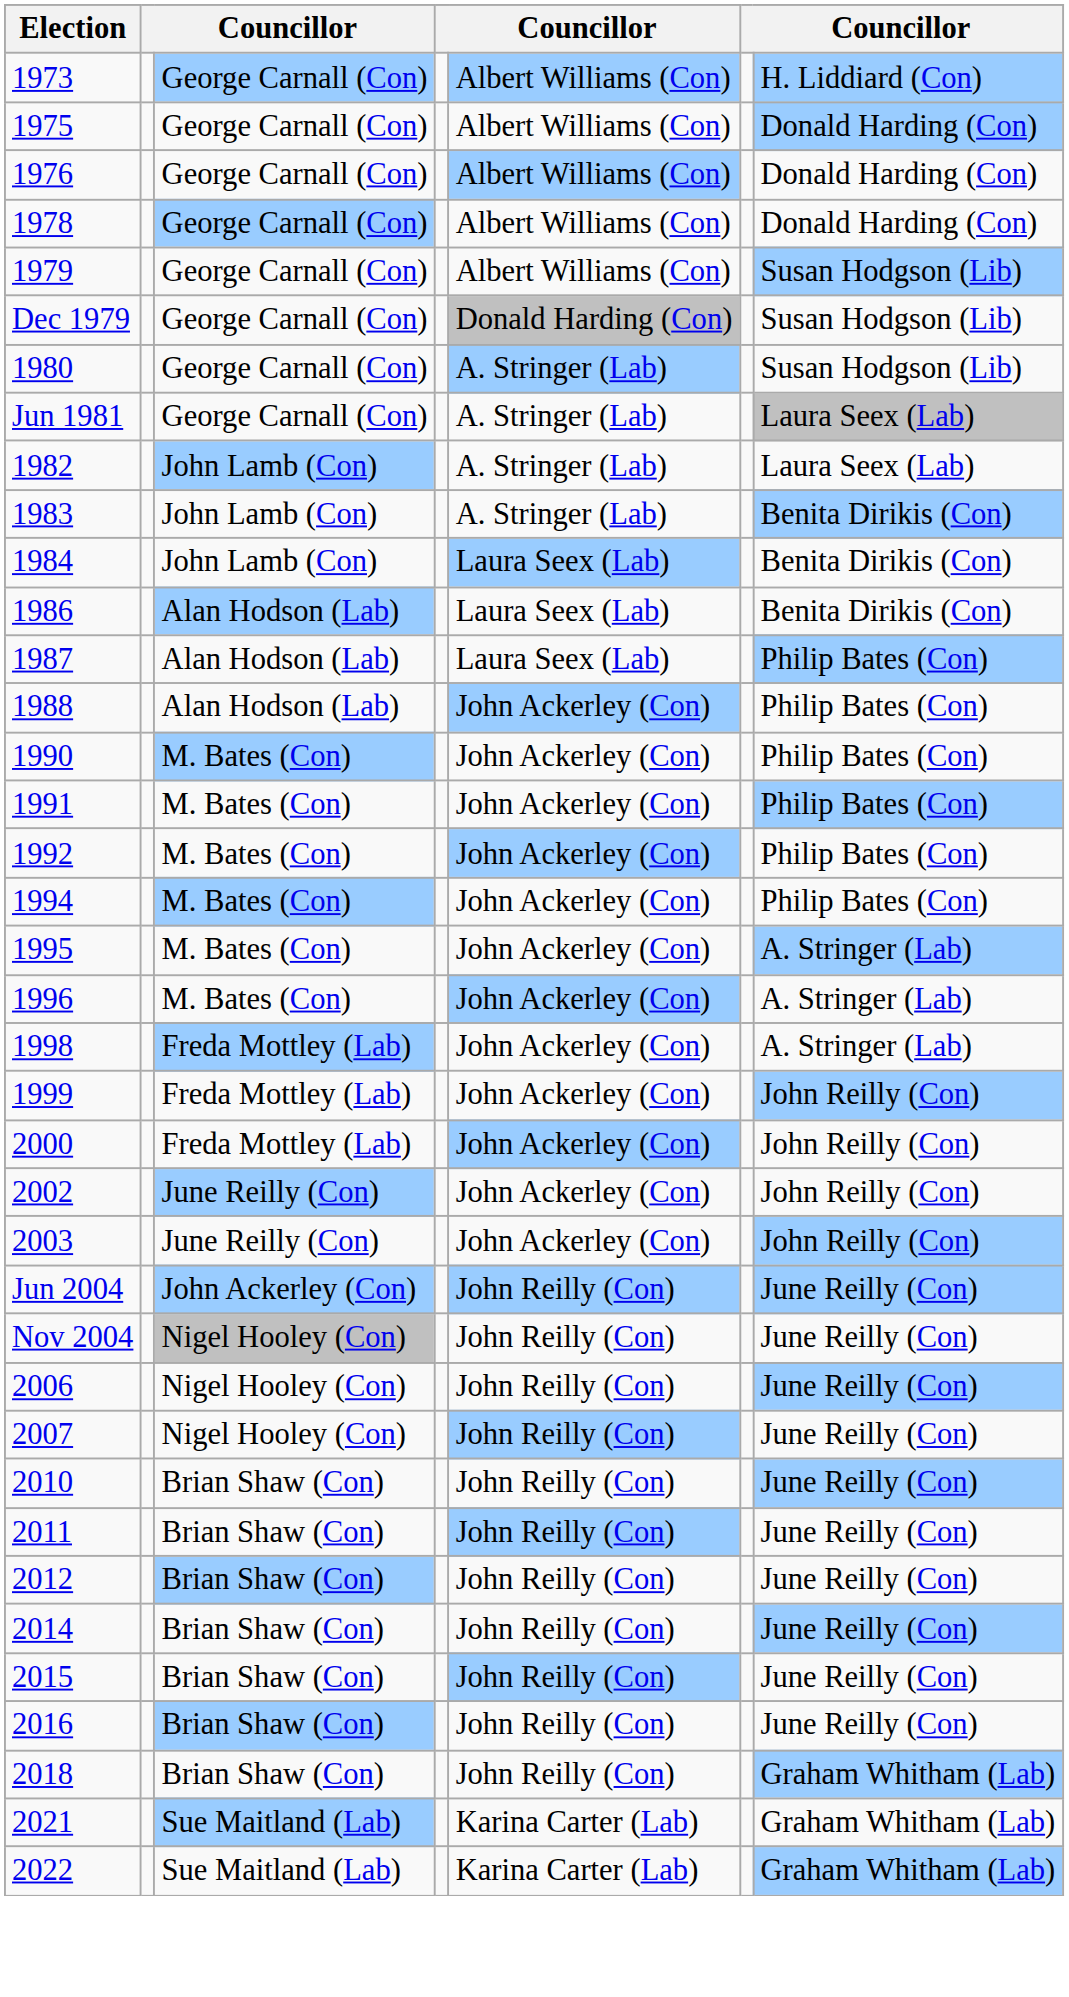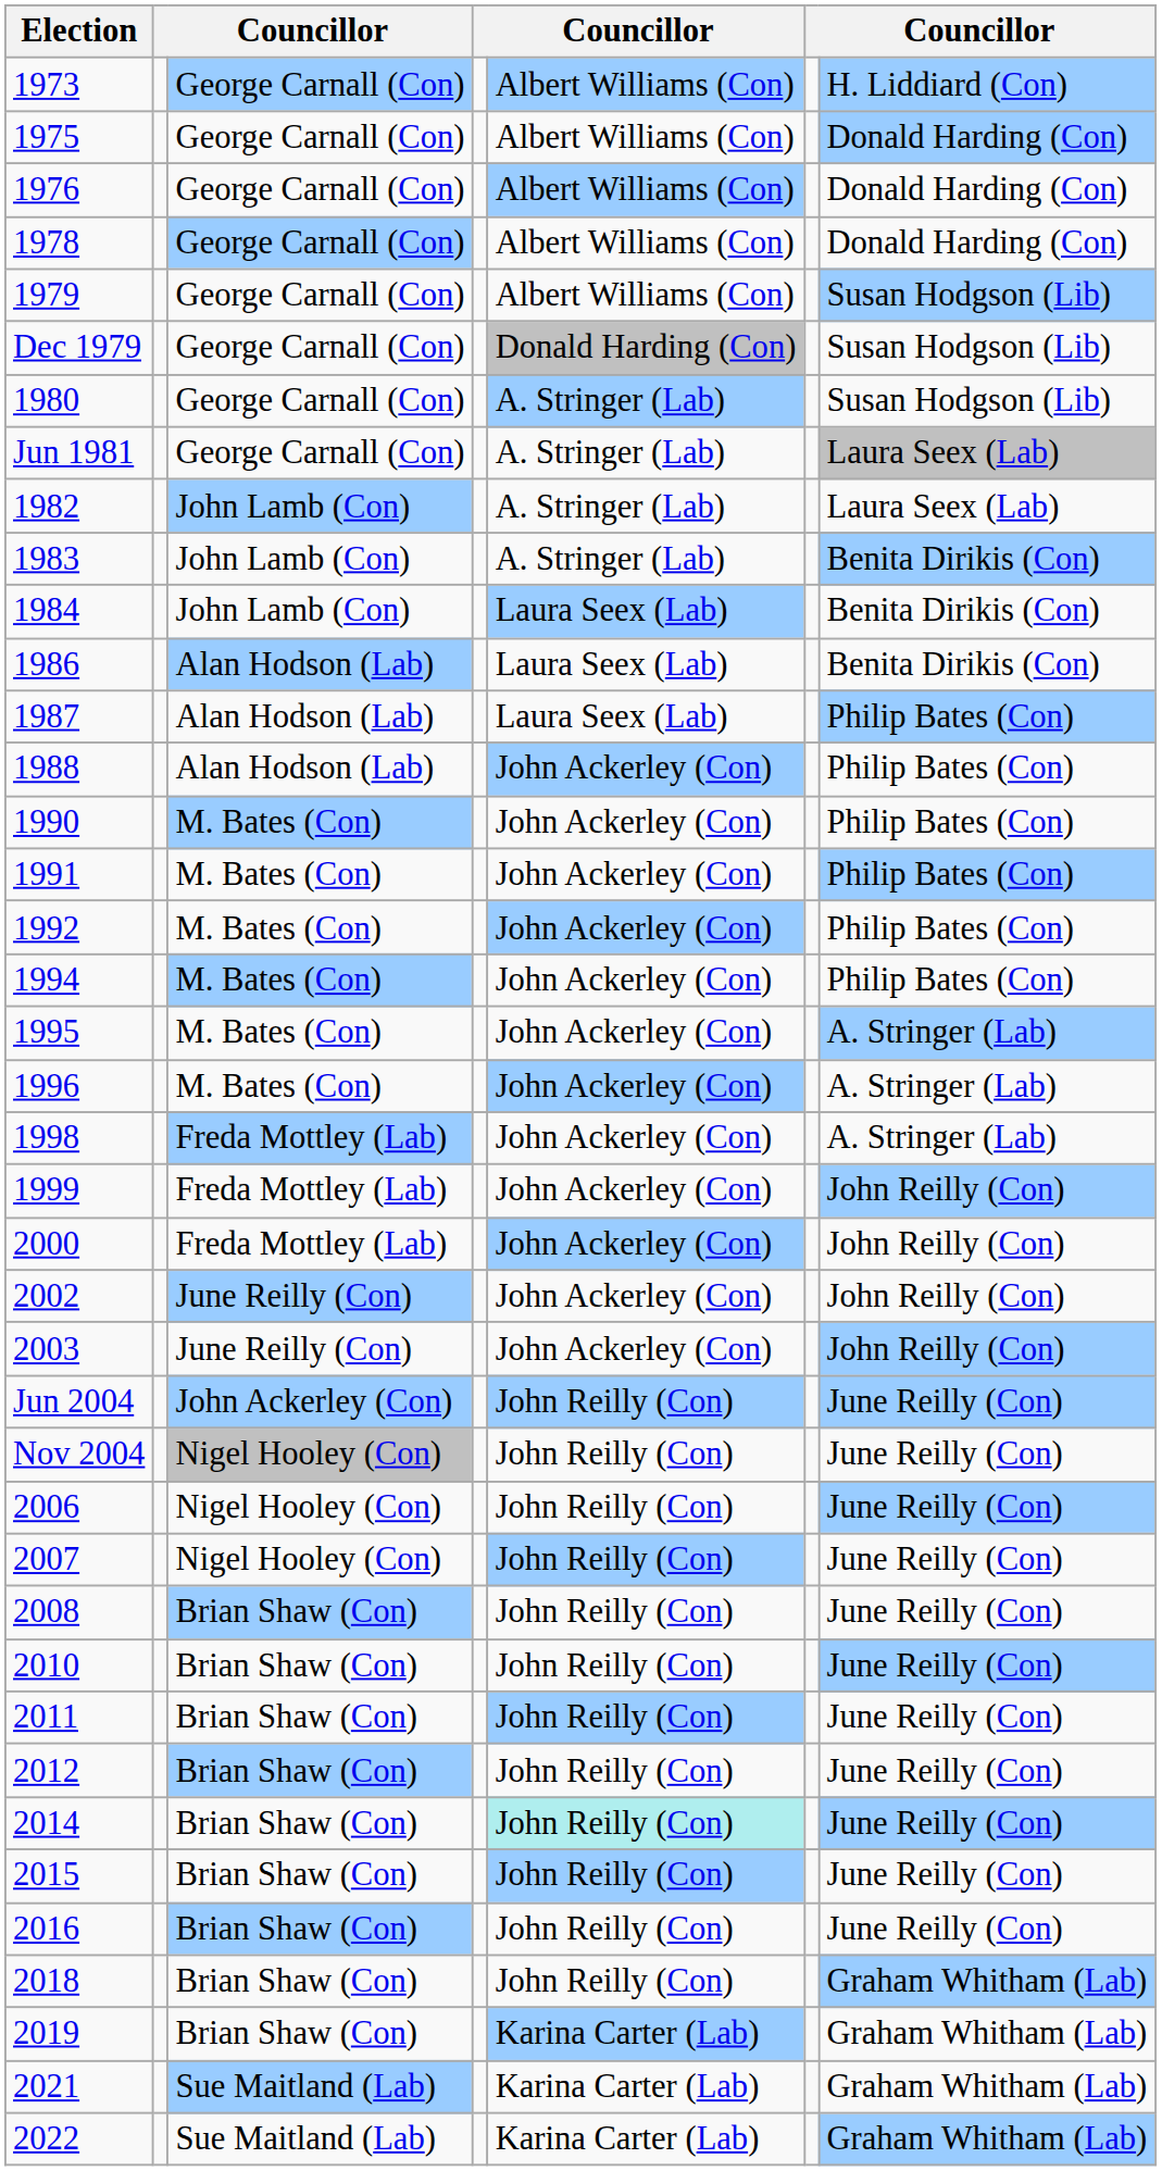 <table class="wikitable">
 <tr>
 <th>Election</th>
 <th colspan="2">Councillor</th>
 <th colspan="2">Councillor</th>
 <th colspan="2">Councillor</th>
 </tr>
 <tr>
 <td><a href='#'>1973</a></td>
 <td style="background-color: "></td>
 <td bgcolor="#99CCFF">George Carnall (<a href='#'>Con</a>)</td>
 <td style="background-color: "></td>
 <td bgcolor="#99CCFF">Albert Williams (<a href='#'>Con</a>)</td>
 <td style="background-color: "></td>
 <td bgcolor="#99CCFF">H. Liddiard (<a href='#'>Con</a>)</td>
 </tr>
 <tr>
 <td><a href='#'>1975</a></td>
 <td style="background-color: "></td>
 <td>George Carnall (<a href='#'>Con</a>)</td>
 <td style="background-color: "></td>
 <td>Albert Williams (<a href='#'>Con</a>)</td>
 <td style="background-color: "></td>
 <td bgcolor="#99CCFF">Donald Harding (<a href='#'>Con</a>)</td>
 </tr>
 <tr>
 <td><a href='#'>1976</a></td>
 <td style="background-color: "></td>
 <td>George Carnall (<a href='#'>Con</a>)</td>
 <td style="background-color: "></td>
 <td bgcolor="#99CCFF">Albert Williams (<a href='#'>Con</a>)</td>
 <td style="background-color: "></td>
 <td>Donald Harding (<a href='#'>Con</a>)</td>
 </tr>
 <tr>
 <td><a href='#'>1978</a></td>
 <td style="background-color: "></td>
 <td bgcolor="#99CCFF">George Carnall (<a href='#'>Con</a>)</td>
 <td style="background-color: "></td>
 <td>Albert Williams (<a href='#'>Con</a>)</td>
 <td style="background-color: "></td>
 <td>Donald Harding (<a href='#'>Con</a>)</td>
 </tr>
 <tr>
 <td><a href='#'>1979</a></td>
 <td style="background-color: "></td>
 <td>George Carnall (<a href='#'>Con</a>)</td>
 <td style="background-color: "></td>
 <td>Albert Williams (<a href='#'>Con</a>)</td>
 <td style="background-color: "></td>
 <td bgcolor="#99CCFF">Susan Hodgson (<a href='#'>Lib</a>)</td>
 </tr>
 <tr>
 <td><a href='#'>Dec 1979</a></td>
 <td style="background-color: "></td>
 <td>George Carnall (<a href='#'>Con</a>)</td>
 <td style="background-color: "></td>
 <td bgcolor="#C0C0C0">Donald Harding (<a href='#'>Con</a>)</td>
 <td style="background-color: "></td>
 <td>Susan Hodgson (<a href='#'>Lib</a>)</td>
 </tr>
 <tr>
 <td><a href='#'>1980</a></td>
 <td style="background-color: "></td>
 <td>George Carnall (<a href='#'>Con</a>)</td>
 <td style="background-color: "></td>
 <td bgcolor="#99CCFF">A. Stringer (<a href='#'>Lab</a>)</td>
 <td style="background-color: "></td>
 <td>Susan Hodgson (<a href='#'>Lib</a>)</td>
 </tr>
 <tr>
 <td><a href='#'>Jun 1981</a></td>
 <td style="background-color: "></td>
 <td>George Carnall (<a href='#'>Con</a>)</td>
 <td style="background-color: "></td>
 <td>A. Stringer (<a href='#'>Lab</a>)</td>
 <td style="background-color: "></td>
 <td bgcolor="#C0C0C0">Laura Seex (<a href='#'>Lab</a>)</td>
 </tr>
 <tr>
 <td><a href='#'>1982</a></td>
 <td style="background-color: "></td>
 <td bgcolor="#99CCFF">John Lamb (<a href='#'>Con</a>)</td>
 <td style="background-color: "></td>
 <td>A. Stringer (<a href='#'>Lab</a>)</td>
 <td style="background-color: "></td>
 <td>Laura Seex (<a href='#'>Lab</a>)</td>
 </tr>
 <tr>
 <td><a href='#'>1983</a></td>
 <td style="background-color: "></td>
 <td>John Lamb (<a href='#'>Con</a>)</td>
 <td style="background-color: "></td>
 <td>A. Stringer (<a href='#'>Lab</a>)</td>
 <td style="background-color: "></td>
 <td bgcolor="#99CCFF">Benita Dirikis (<a href='#'>Con</a>)</td>
 </tr>
 <tr>
 <td><a href='#'>1984</a></td>
 <td style="background-color: "></td>
 <td>John Lamb (<a href='#'>Con</a>)</td>
 <td style="background-color: "></td>
 <td bgcolor="#99CCFF">Laura Seex (<a href='#'>Lab</a>)</td>
 <td style="background-color: "></td>
 <td>Benita Dirikis (<a href='#'>Con</a>)</td>
 </tr>
 <tr>
 <td><a href='#'>1986</a></td>
 <td style="background-color: "></td>
 <td bgcolor="#99CCFF">Alan Hodson (<a href='#'>Lab</a>)</td>
 <td style="background-color: "></td>
 <td>Laura Seex (<a href='#'>Lab</a>)</td>
 <td style="background-color: "></td>
 <td>Benita Dirikis (<a href='#'>Con</a>)</td>
 </tr>
 <tr>
 <td><a href='#'>1987</a></td>
 <td style="background-color: "></td>
 <td>Alan Hodson (<a href='#'>Lab</a>)</td>
 <td style="background-color: "></td>
 <td>Laura Seex (<a href='#'>Lab</a>)</td>
 <td style="background-color: "></td>
 <td bgcolor="#99CCFF">Philip Bates (<a href='#'>Con</a>)</td>
 </tr>
 <tr>
 <td><a href='#'>1988</a></td>
 <td style="background-color: "></td>
 <td>Alan Hodson (<a href='#'>Lab</a>)</td>
 <td style="background-color: "></td>
 <td bgcolor="#99CCFF">John Ackerley (<a href='#'>Con</a>)</td>
 <td style="background-color: "></td>
 <td>Philip Bates (<a href='#'>Con</a>)</td>
 </tr>
 <tr>
 <td><a href='#'>1990</a></td>
 <td style="background-color: "></td>
 <td bgcolor="#99CCFF">M. Bates (<a href='#'>Con</a>)</td>
 <td style="background-color: "></td>
 <td>John Ackerley (<a href='#'>Con</a>)</td>
 <td style="background-color: "></td>
 <td>Philip Bates (<a href='#'>Con</a>)</td>
 </tr>
 <tr>
 <td><a href='#'>1991</a></td>
 <td style="background-color: "></td>
 <td>M. Bates (<a href='#'>Con</a>)</td>
 <td style="background-color: "></td>
 <td>John Ackerley (<a href='#'>Con</a>)</td>
 <td style="background-color: "></td>
 <td bgcolor="#99CCFF">Philip Bates (<a href='#'>Con</a>)</td>
 </tr>
 <tr>
 <td><a href='#'>1992</a></td>
 <td style="background-color: "></td>
 <td>M. Bates (<a href='#'>Con</a>)</td>
 <td style="background-color: "></td>
 <td bgcolor="#99CCFF">John Ackerley (<a href='#'>Con</a>)</td>
 <td style="background-color: "></td>
 <td>Philip Bates (<a href='#'>Con</a>)</td>
 </tr>
 <tr>
 <td><a href='#'>1994</a></td>
 <td style="background-color: "></td>
 <td bgcolor="#99CCFF">M. Bates (<a href='#'>Con</a>)</td>
 <td style="background-color: "></td>
 <td>John Ackerley (<a href='#'>Con</a>)</td>
 <td style="background-color: "></td>
 <td>Philip Bates (<a href='#'>Con</a>)</td>
 </tr>
 <tr>
 <td><a href='#'>1995</a></td>
 <td style="background-color: "></td>
 <td>M. Bates (<a href='#'>Con</a>)</td>
 <td style="background-color: "></td>
 <td>John Ackerley (<a href='#'>Con</a>)</td>
 <td style="background-color: "></td>
 <td bgcolor="#99CCFF">A. Stringer (<a href='#'>Lab</a>)</td>
 </tr>
 <tr>
 <td><a href='#'>1996</a></td>
 <td style="background-color: "></td>
 <td>M. Bates (<a href='#'>Con</a>)</td>
 <td style="background-color: "></td>
 <td bgcolor="#99CCFF">John Ackerley (<a href='#'>Con</a>)</td>
 <td style="background-color: "></td>
 <td>A. Stringer (<a href='#'>Lab</a>)</td>
 </tr>
 <tr>
 <td><a href='#'>1998</a></td>
 <td style="background-color: "></td>
 <td bgcolor="#99CCFF">Freda Mottley (<a href='#'>Lab</a>)</td>
 <td style="background-color: "></td>
 <td>John Ackerley (<a href='#'>Con</a>)</td>
 <td style="background-color: "></td>
 <td>A. Stringer (<a href='#'>Lab</a>)</td>
 </tr>
 <tr>
 <td><a href='#'>1999</a></td>
 <td style="background-color: "></td>
 <td>Freda Mottley (<a href='#'>Lab</a>)</td>
 <td style="background-color: "></td>
 <td>John Ackerley (<a href='#'>Con</a>)</td>
 <td style="background-color: "></td>
 <td bgcolor="#99CCFF">John Reilly (<a href='#'>Con</a>)</td>
 </tr>
 <tr>
 <td><a href='#'>2000</a></td>
 <td style="background-color: "></td>
 <td>Freda Mottley (<a href='#'>Lab</a>)</td>
 <td style="background-color: "></td>
 <td bgcolor="#99CCFF">John Ackerley (<a href='#'>Con</a>)</td>
 <td style="background-color: "></td>
 <td>John Reilly (<a href='#'>Con</a>)</td>
 </tr>
 <tr>
 <td><a href='#'>2002</a></td>
 <td style="background-color: "></td>
 <td bgcolor="#99CCFF">June Reilly (<a href='#'>Con</a>)</td>
 <td style="background-color: "></td>
 <td>John Ackerley (<a href='#'>Con</a>)</td>
 <td style="background-color: "></td>
 <td>John Reilly (<a href='#'>Con</a>)</td>
 </tr>
 <tr>
 <td><a href='#'>2003</a></td>
 <td style="background-color: "></td>
 <td>June Reilly (<a href='#'>Con</a>)</td>
 <td style="background-color: "></td>
 <td>John Ackerley (<a href='#'>Con</a>)</td>
 <td style="background-color: "></td>
 <td bgcolor="#99CCFF">John Reilly (<a href='#'>Con</a>)</td>
 </tr>
 <tr>
 <td><a href='#'>Jun 2004</a></td>
 <td style="background-color: "></td>
 <td bgcolor="#99CCFF">John Ackerley (<a href='#'>Con</a>)</td>
 <td style="background-color: "></td>
 <td bgcolor="#99CCFF">John Reilly (<a href='#'>Con</a>)</td>
 <td style="background-color: "></td>
 <td bgcolor="#99CCFF">June Reilly (<a href='#'>Con</a>)</td>
 </tr>
 <tr>
 <td><a href='#'>Nov 2004</a></td>
 <td style="background-color: "></td>
 <td bgcolor="#C0C0C0">Nigel Hooley (<a href='#'>Con</a>)</td>
 <td style="background-color: "></td>
 <td>John Reilly (<a href='#'>Con</a>)</td>
 <td style="background-color: "></td>
 <td>June Reilly (<a href='#'>Con</a>)</td>
 </tr>
 <tr>
 <td><a href='#'>2006</a></td>
 <td style="background-color: "></td>
 <td>Nigel Hooley (<a href='#'>Con</a>)</td>
 <td style="background-color: "></td>
 <td>John Reilly (<a href='#'>Con</a>)</td>
 <td style="background-color: "></td>
 <td bgcolor="#99CCFF">June Reilly (<a href='#'>Con</a>)</td>
 </tr>
 <tr>
 <td><a href='#'>2007</a></td>
 <td style="background-color: "></td>
 <td>Nigel Hooley (<a href='#'>Con</a>)</td>
 <td style="background-color: "></td>
 <td bgcolor="#99CCFF">John Reilly (<a href='#'>Con</a>)</td>
 <td style="background-color: "></td>
 <td>June Reilly (<a href='#'>Con</a>)</td>
 </tr>
 <tr>
+<td><a href='#'>2008</a></td>
+<td style="background-color: "></td>
+<td bgcolor="#99CCFF">Brian Shaw (<a href='#'>Con</a>)</td>
+<td style="background-color: "></td>
+<td>John Reilly (<a href='#'>Con</a>)</td>
+<td style="background-color: "></td>
+<td>June Reilly (<a href='#'>Con</a>)</td>
+</tr>
+<tr>
 <td><a href='#'>2010</a></td>
 <td style="background-color: "></td>
 <td>Brian Shaw (<a href='#'>Con</a>)</td>
 <td style="background-color: "></td>
 <td>John Reilly (<a href='#'>Con</a>)</td>
 <td style="background-color: "></td>
 <td bgcolor="#99CCFF">June Reilly (<a href='#'>Con</a>)</td>
 </tr>
 <tr>
 <td><a href='#'>2011</a></td>
 <td style="background-color: "></td>
 <td>Brian Shaw (<a href='#'>Con</a>)</td>
 <td style="background-color: "></td>
 <td bgcolor="#99CCFF">John Reilly (<a href='#'>Con</a>)</td>
 <td style="background-color: "></td>
 <td>June Reilly (<a href='#'>Con</a>)</td>
 </tr>
 <tr>
 <td><a href='#'>2012</a></td>
 <td style="background-color: "></td>
 <td bgcolor="#99CCFF">Brian Shaw (<a href='#'>Con</a>)</td>
 <td style="background-color: "></td>
 <td>John Reilly (<a href='#'>Con</a>)</td>
 <td style="background-color: "></td>
 <td>June Reilly (<a href='#'>Con</a>)</td>
 </tr>
 <tr>
 <td><a href='#'>2014</a></td>
 <td style="background-color: "></td>
 <td>Brian Shaw (<a href='#'>Con</a>)</td>
 <td style="background-color: "></td>
-<td>John Reilly (<a href='#'>Con</a>)</td>
+<td style="background: paleturquoise;">John Reilly (<a href='#'>Con</a>)</td>
 <td style="background-color: "></td>
 <td bgcolor="#99CCFF">June Reilly (<a href='#'>Con</a>)</td>
 </tr>
 <tr>
 <td><a href='#'>2015</a></td>
 <td style="background-color: "></td>
 <td>Brian Shaw (<a href='#'>Con</a>)</td>
 <td style="background-color: "></td>
 <td bgcolor="#99CCFF">John Reilly (<a href='#'>Con</a>)</td>
 <td style="background-color: "></td>
 <td>June Reilly (<a href='#'>Con</a>)</td>
 </tr>
 <tr>
 <td><a href='#'>2016</a></td>
 <td style="background-color: "></td>
 <td bgcolor="#99CCFF">Brian Shaw (<a href='#'>Con</a>)</td>
 <td style="background-color: "></td>
 <td>John Reilly (<a href='#'>Con</a>)</td>
 <td style="background-color: "></td>
 <td>June Reilly (<a href='#'>Con</a>)</td>
 </tr>
 <tr>
 <td><a href='#'>2018</a></td>
 <td style="background-color: "></td>
 <td>Brian Shaw (<a href='#'>Con</a>)</td>
 <td style="background-color: "></td>
 <td>John Reilly (<a href='#'>Con</a>)</td>
 <td style="background-color: "></td>
 <td bgcolor="#99CCFF">Graham Whitham (<a href='#'>Lab</a>)</td>
 </tr>
 <tr>
+<td><a href='#'>2019</a></td>
+<td style="background-color: "></td>
+<td>Brian Shaw (<a href='#'>Con</a>)</td>
+<td style="background-color: "></td>
+<td bgcolor="#99CCFF">Karina Carter (<a href='#'>Lab</a>)</td>
+<td style="background-color: "></td>
+<td>Graham Whitham (<a href='#'>Lab</a>)</td>
+</tr>
+<tr>
 <td><a href='#'>2021</a></td>
 <td style="background-color: "></td>
 <td bgcolor="#99CCFF">Sue Maitland (<a href='#'>Lab</a>)</td>
 <td style="background-color: "></td>
 <td>Karina Carter (<a href='#'>Lab</a>)</td>
 <td style="background-color: "></td>
 <td>Graham Whitham (<a href='#'>Lab</a>)</td>
 </tr>
 <tr>
 <td><a href='#'>2022</a></td>
 <td style="background-color: "></td>
 <td>Sue Maitland (<a href='#'>Lab</a>)</td>
 <td style="background-color: "></td>
 <td>Karina Carter (<a href='#'>Lab</a>)</td>
 <td style="background-color: "></td>
 <td bgcolor="#99CCFF">Graham Whitham (<a href='#'>Lab</a>)</td>
 </tr>
 </table>
